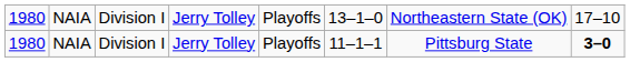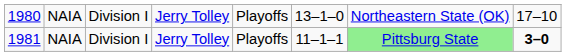 <table class="wikitable" style="text-align:center">
 <tr align="center">
 <td><a href='#'>1980</a></td>
 <td>NAIA</td>
 <td>Division I</td>
 <td><a href='#'>Jerry Tolley</a></td>
 <td>Playoffs</td>
 <td>13–1–0</td>
 <td><a href='#'>Northeastern State (OK)</a></td>
 <td>17–10</td>
 </tr>
 <tr align="center">
-<td><a href='#'>1980</a></td>
+<td><a href='#'>1981</a></td>
 <td>NAIA</td>
 <td>Division I</td>
 <td><a href='#'>Jerry Tolley</a></td>
 <td>Playoffs</td>
 <td>11–1–1</td>
-<td><a href='#'>Pittsburg State</a></td>
+<td style="background: lightgreen;"><a href='#'>Pittsburg State</a></td>
 <td><strong>3–0</strong></td>
 </tr>
 </table>
